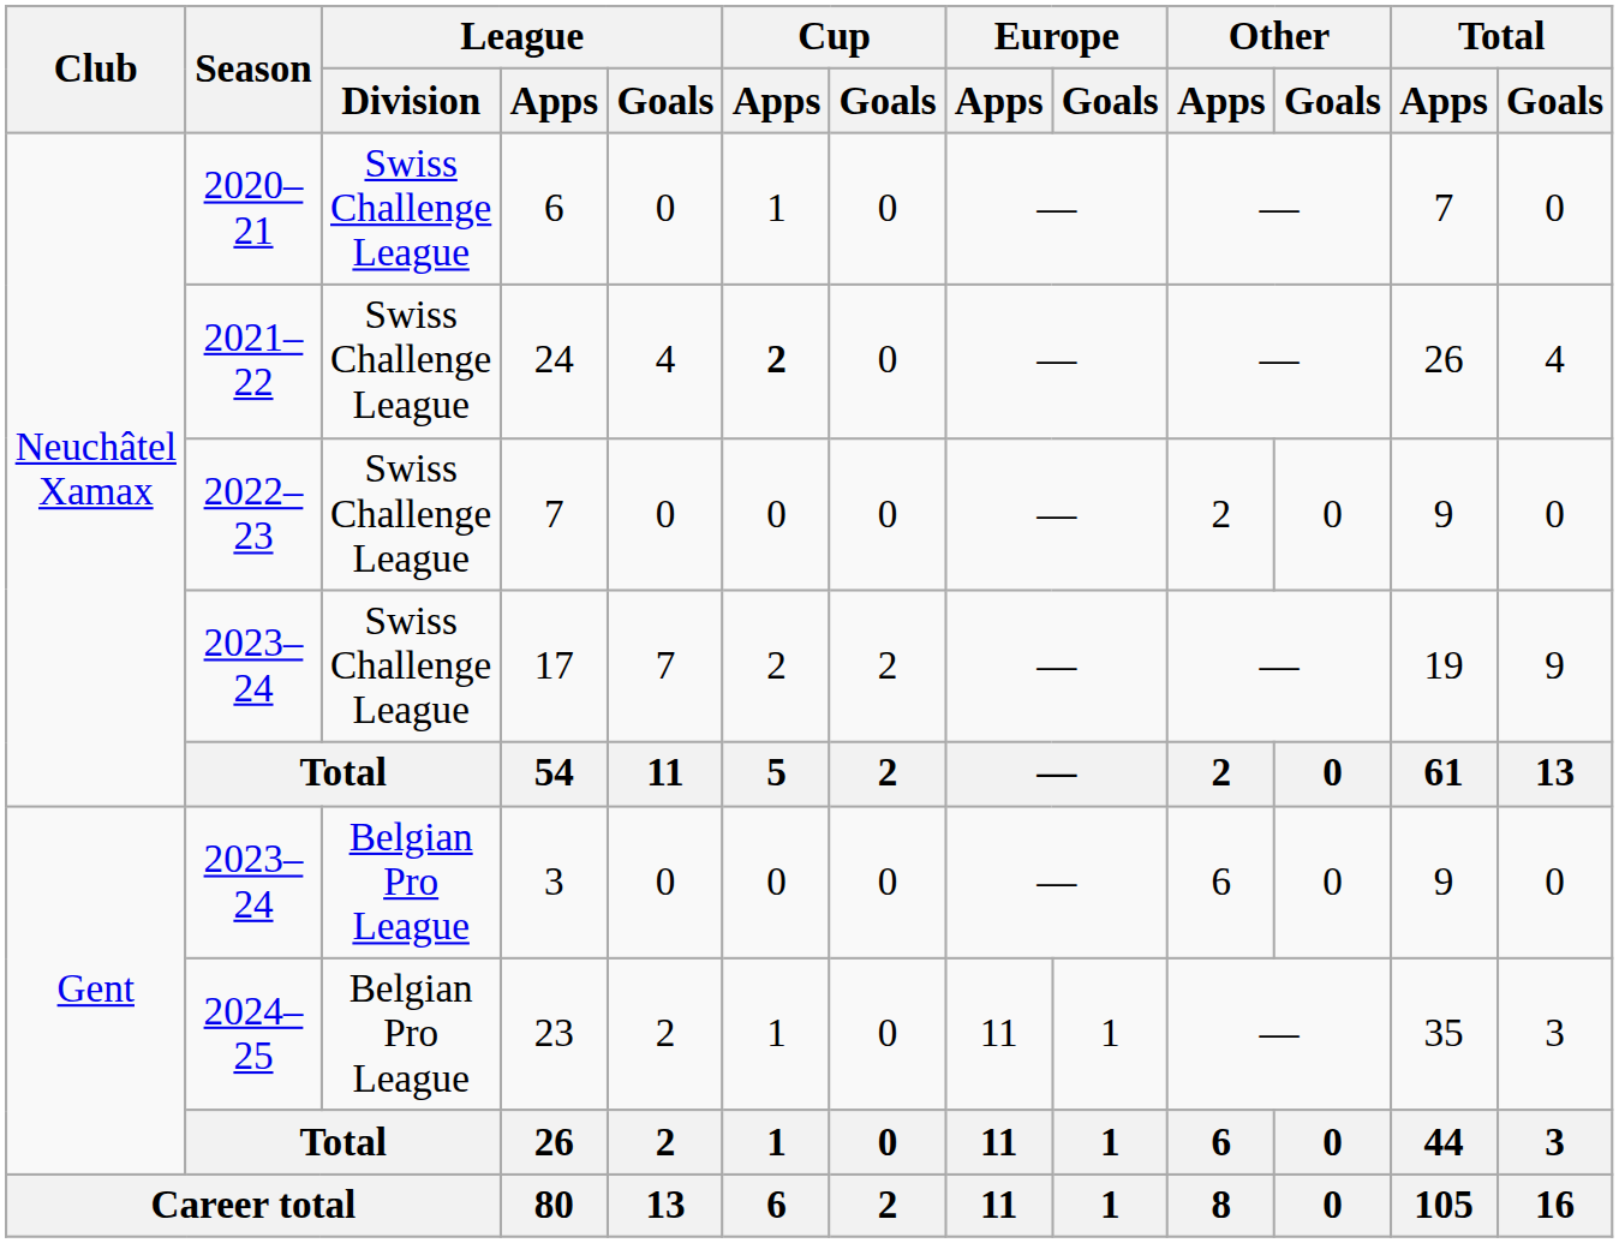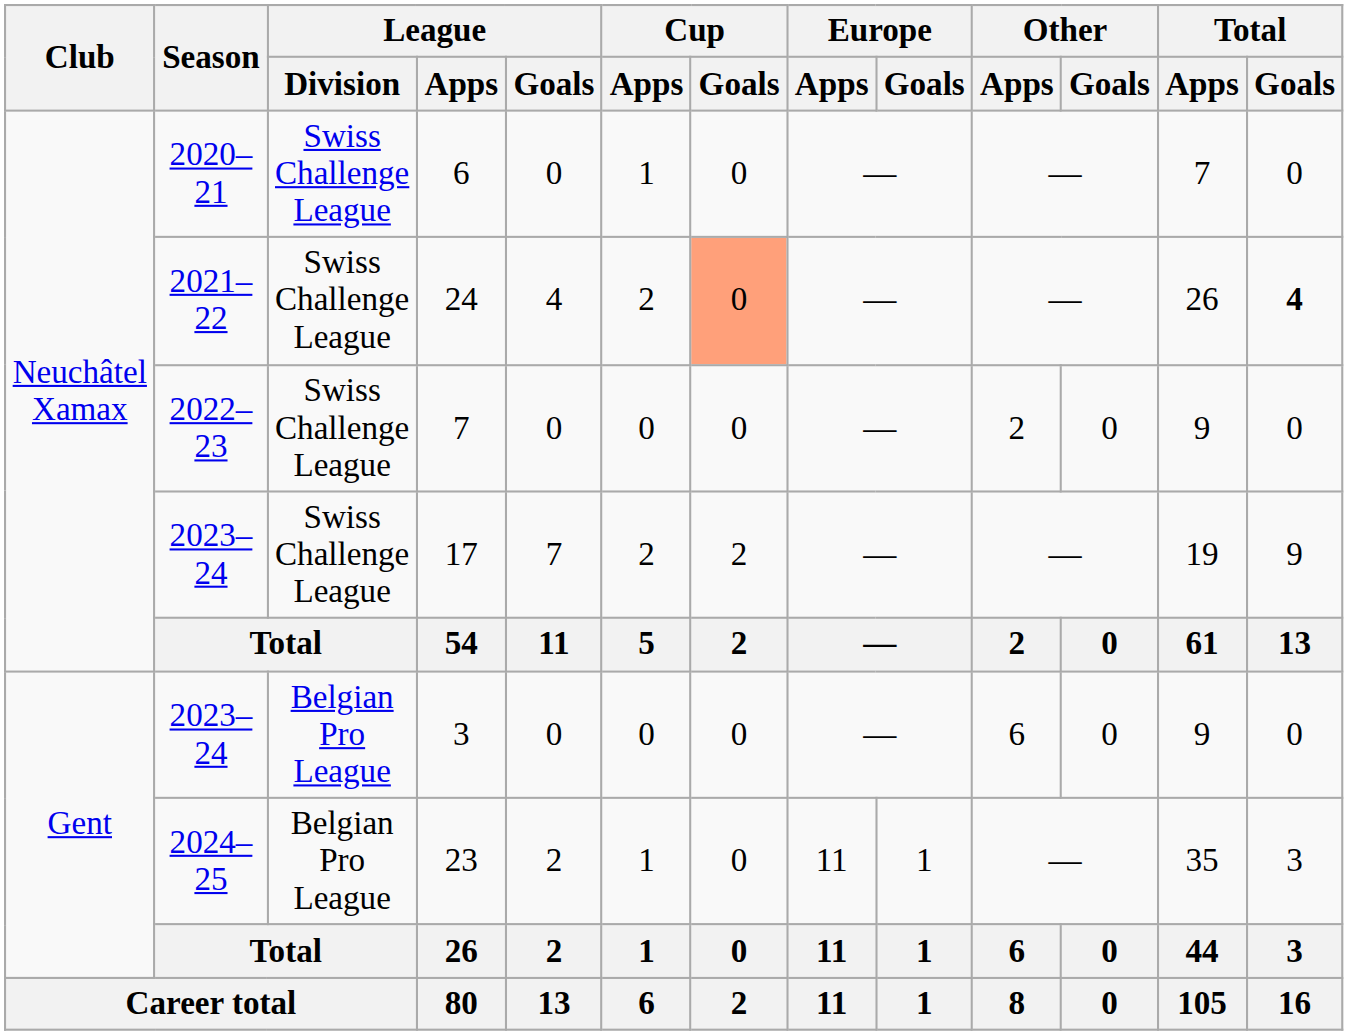 <table class="wikitable" style="text-align:center">
 <tr>
 <th rowspan="2">Club</th>
 <th rowspan="2">Season</th>
 <th colspan="3">League</th>
 <th colspan="2">Cup</th>
 <th colspan="2">Europe</th>
 <th colspan="2">Other</th>
 <th colspan="2">Total</th>
 </tr>
 <tr>
 <th>Division</th>
 <th>Apps</th>
 <th>Goals</th>
 <th>Apps</th>
 <th>Goals</th>
 <th>Apps</th>
 <th>Goals</th>
 <th>Apps</th>
 <th>Goals</th>
 <th>Apps</th>
 <th>Goals</th>
 </tr>
 <tr>
 <td rowspan="5"><a href='#'>Neuchâtel Xamax</a></td>
 <td><a href='#'>2020–21</a></td>
 <td><a href='#'>Swiss Challenge League</a></td>
 <td>6</td>
 <td>0</td>
 <td>1</td>
 <td>0</td>
 <td colspan="2">—</td>
 <td colspan="2">—</td>
 <td>7</td>
 <td>0</td>
 </tr>
 <tr>
 <td><a href='#'>2021–22</a></td>
 <td>Swiss Challenge League</td>
 <td>24</td>
 <td>4</td>
-<td><strong>2</strong></td>
-<td>0</td>
+<td>2</td>
+<td style="background: lightsalmon;">0</td>
 <td colspan="2">—</td>
 <td colspan="2">—</td>
 <td>26</td>
-<td>4</td>
+<td><strong>4</strong></td>
 </tr>
 <tr>
 <td><a href='#'>2022–23</a></td>
 <td>Swiss Challenge League</td>
 <td>7</td>
 <td>0</td>
 <td>0</td>
 <td>0</td>
 <td colspan="2">—</td>
 <td>2</td>
 <td>0</td>
 <td>9</td>
 <td>0</td>
 </tr>
 <tr>
 <td><a href='#'>2023–24</a></td>
 <td>Swiss Challenge League</td>
 <td>17</td>
 <td>7</td>
 <td>2</td>
 <td>2</td>
 <td colspan="2">—</td>
 <td colspan="2">—</td>
 <td>19</td>
 <td>9</td>
 </tr>
 <tr>
 <th colspan="2">Total</th>
 <th>54</th>
 <th>11</th>
 <th>5</th>
 <th>2</th>
 <th colspan="2">—</th>
 <th>2</th>
 <th>0</th>
 <th>61</th>
 <th>13</th>
 </tr>
 <tr>
 <td rowspan="3"><a href='#'>Gent</a></td>
 <td><a href='#'>2023–24</a></td>
 <td><a href='#'>Belgian Pro League</a></td>
 <td>3</td>
 <td>0</td>
 <td>0</td>
 <td>0</td>
 <td colspan="2">—</td>
 <td>6</td>
 <td>0</td>
 <td>9</td>
 <td>0</td>
 </tr>
 <tr>
 <td><a href='#'>2024–25</a></td>
 <td>Belgian Pro League</td>
 <td>23</td>
 <td>2</td>
 <td>1</td>
 <td>0</td>
 <td>11</td>
 <td>1</td>
 <td colspan="2">—</td>
 <td>35</td>
 <td>3</td>
 </tr>
 <tr>
 <th colspan="2">Total</th>
 <th>26</th>
 <th>2</th>
 <th>1</th>
 <th>0</th>
 <th>11</th>
 <th>1</th>
 <th>6</th>
 <th>0</th>
 <th>44</th>
 <th>3</th>
 </tr>
 <tr>
 <th colspan="3">Career total</th>
 <th>80</th>
 <th>13</th>
 <th>6</th>
 <th>2</th>
 <th>11</th>
 <th>1</th>
 <th>8</th>
 <th>0</th>
 <th>105</th>
 <th>16</th>
 </tr>
 </table>
